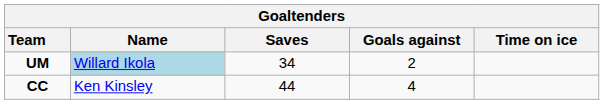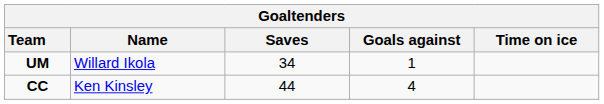 <table class="wikitable" style="width:40em; text-align:right;">
 <tr>
 <th colspan=5>Goaltenders</th>
 </tr>
 <tr>
 <th style="width:4em; text-align:left;">Team</th>
 <th style="width:10em;">Name</th>
 <th style="width:8em;">Saves</th>
 <th style="width:8em;">Goals against</th>
 <th style="width:8em;">Time on ice</th>
 </tr>
 <tr>
 <td align=center><strong>UM</strong></td>
-<td style="background: lightblue; text-align:left;"><a href='#'>Willard Ikola</a></td>
+<td style="text-align:left;"><a href='#'>Willard Ikola</a></td>
 <td align=center>34</td>
-<td align=center>2</td>
+<td align=center>1</td>
 <td align=center></td>
 </tr>
 <tr>
 <td align=center><strong>CC</strong></td>
 <td style="text-align:left;"><a href='#'>Ken Kinsley</a></td>
 <td align=center>44</td>
 <td align=center>4</td>
 <td align=center></td>
 </tr>
 </table>
